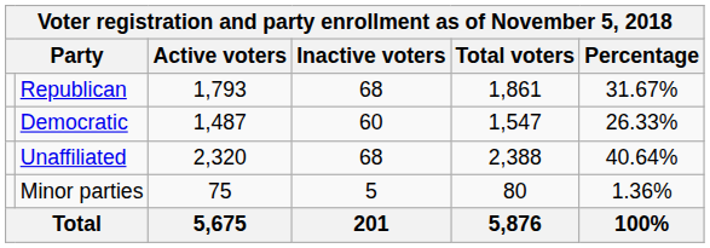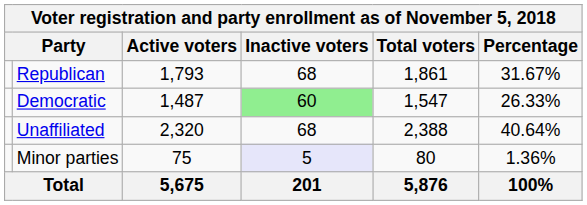 <table class=wikitable>
 <tr>
 <th colspan = 6>Voter registration and party enrollment as of November 5, 2018</th>
 </tr>
 <tr>
 <th colspan = 2>Party</th>
 <th>Active voters</th>
 <th>Inactive voters</th>
 <th>Total voters</th>
 <th>Percentage</th>
 </tr>
 <tr>
 <td></td>
 <td><a href='#'>Republican</a></td>
 <td style="text-align:center;">1,793</td>
 <td style="text-align:center;">68</td>
 <td style="text-align:center;">1,861</td>
 <td style="text-align:center;">31.67%</td>
 </tr>
 <tr>
 <td></td>
 <td><a href='#'>Democratic</a></td>
 <td style="text-align:center;">1,487</td>
-<td style="text-align:center;">60</td>
+<td style="background: lightgreen; text-align:center;">60</td>
 <td style="text-align:center;">1,547</td>
 <td style="text-align:center;">26.33%</td>
 </tr>
 <tr>
 <td></td>
 <td><a href='#'>Unaffiliated</a></td>
 <td style="text-align:center;">2,320</td>
 <td style="text-align:center;">68</td>
 <td style="text-align:center;">2,388</td>
 <td style="text-align:center;">40.64%</td>
 </tr>
 <tr>
 <td></td>
 <td>Minor parties</td>
 <td style="text-align:center;">75</td>
-<td style="text-align:center;">5</td>
+<td style="background: lavender; text-align:center;">5</td>
 <td style="text-align:center;">80</td>
 <td style="text-align:center;">1.36%</td>
 </tr>
 <tr>
 <th colspan = 2>Total</th>
 <th style="text-align:center;">5,675</th>
 <th style="text-align:center;">201</th>
 <th style="text-align:center;">5,876</th>
 <th style="text-align:center;">100%</th>
 </tr>
 </table>
